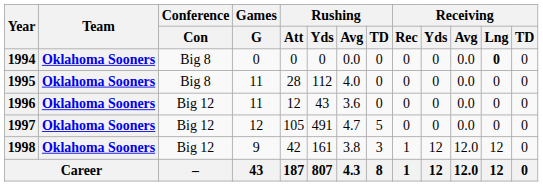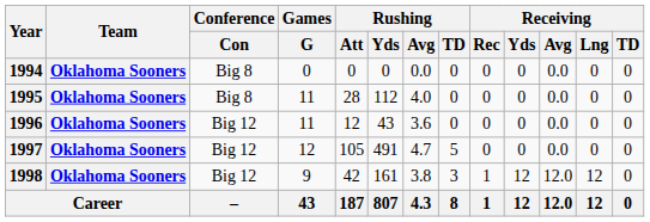 <table class="wikitable" style="text-align: center;">
 <tr>
 <th rowspan="2">Year</th>
 <th rowspan="2">Team</th>
 <th colspan="1">Conference</th>
 <th colspan="1">Games</th>
 <th colspan="4">Rushing</th>
 <th colspan="5">Receiving</th>
 </tr>
 <tr>
 <th>Con</th>
 <th>G</th>
 <th>Att</th>
 <th>Yds</th>
 <th>Avg</th>
 <th>TD</th>
 <th>Rec</th>
 <th>Yds</th>
 <th>Avg</th>
 <th>Lng</th>
 <th>TD</th>
 </tr>
 <tr>
 <th>1994</th>
 <th><a href='#'>Oklahoma Sooners</a></th>
 <td>Big 8</td>
 <td>0</td>
 <td>0</td>
 <td>0</td>
 <td>0.0</td>
 <td>0</td>
 <td>0</td>
 <td>0</td>
 <td>0.0</td>
-<td><strong>0</strong></td>
+<td>0</td>
 <td>0</td>
 </tr>
 <tr>
 <th>1995</th>
 <th><a href='#'>Oklahoma Sooners</a></th>
 <td>Big 8</td>
 <td>11</td>
 <td>28</td>
 <td>112</td>
 <td>4.0</td>
 <td>0</td>
 <td>0</td>
 <td>0</td>
 <td>0.0</td>
 <td>0</td>
 <td>0</td>
 </tr>
 <tr>
 <th>1996</th>
 <th><a href='#'>Oklahoma Sooners</a></th>
 <td>Big 12</td>
 <td>11</td>
 <td>12</td>
 <td>43</td>
 <td>3.6</td>
 <td>0</td>
 <td>0</td>
 <td>0</td>
 <td>0.0</td>
 <td>0</td>
 <td>0</td>
 </tr>
 <tr>
 <th>1997</th>
 <th><a href='#'>Oklahoma Sooners</a></th>
 <td>Big 12</td>
 <td>12</td>
 <td>105</td>
 <td>491</td>
 <td>4.7</td>
 <td>5</td>
 <td>0</td>
 <td>0</td>
 <td>0.0</td>
 <td>0</td>
 <td>0</td>
 </tr>
 <tr>
 <th>1998</th>
 <th><a href='#'>Oklahoma Sooners</a></th>
 <td>Big 12</td>
 <td>9</td>
 <td>42</td>
 <td>161</td>
 <td>3.8</td>
 <td>3</td>
 <td>1</td>
 <td>12</td>
 <td>12.0</td>
 <td>12</td>
 <td>0</td>
 </tr>
 <tr>
 <th colspan="2">Career</th>
 <th>–</th>
 <th>43</th>
 <th>187</th>
 <th>807</th>
 <th>4.3</th>
 <th>8</th>
 <th>1</th>
 <th>12</th>
 <th>12.0</th>
 <th>12</th>
 <th>0</th>
 </tr>
 </table>
